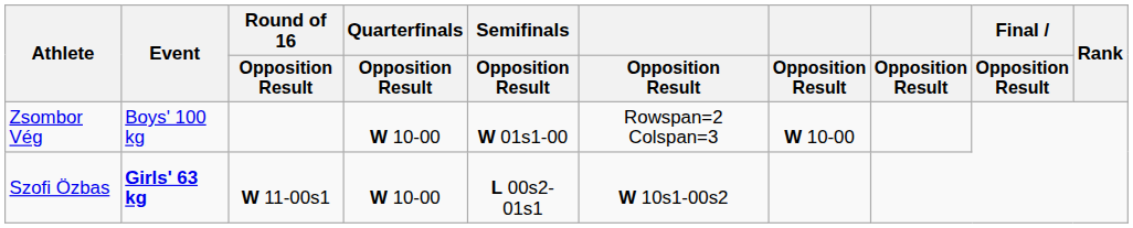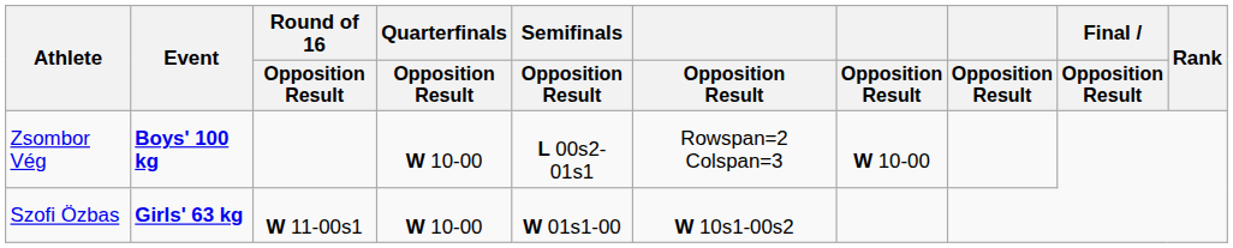 <table class="wikitable" style="font-size:90%">
 <tr>
 <th rowspan="2">Athlete</th>
 <th rowspan="2">Event</th>
 <th>Round of 16</th>
 <th>Quarterfinals</th>
 <th>Semifinals</th>
 <th></th>
 <th></th>
 <th></th>
 <th>Final / </th>
 <th rowspan=2>Rank</th>
 </tr>
 <tr style="font-size:95%">
 <th>Opposition<br>Result</th>
 <th>Opposition<br>Result</th>
 <th>Opposition<br>Result</th>
 <th>Opposition<br>Result</th>
 <th>Opposition<br>Result</th>
 <th>Opposition<br>Result</th>
 <th>Opposition<br>Result</th>
 </tr>
 <tr align=center>
 <td align=left><a href='#'>Zsombor Vég</a></td>
-<td align=left><a href='#'>Boys' 100 kg</a></td>
+<td align=left><strong><a href='#'>Boys' 100 kg</a></strong></td>
 <td></td>
 <td><br> <strong>W</strong> 10-00</td>
-<td><br> <strong>W</strong> 01s1-00</td>
+<td><br> <strong>L</strong> 00s2-01s1</td>
 <td>Rowspan=2 Colspan=3 </td>
 <td><br> <strong>W</strong> 10-00</td>
 <td></td>
 </tr>
 <tr align=center>
 <td align=left><a href='#'>Szofi Özbas</a></td>
 <td align=left><strong><a href='#'>Girls' 63 kg</a></strong></td>
 <td><br> <strong>W</strong> 11-00s1</td>
 <td><br> <strong>W</strong> 10-00</td>
-<td><br> <strong>L</strong> 00s2-01s1</td>
+<td><br> <strong>W</strong> 01s1-00</td>
 <td><br> <strong>W</strong> 10s1-00s2</td>
 <td></td>
 </tr>
 </table>
